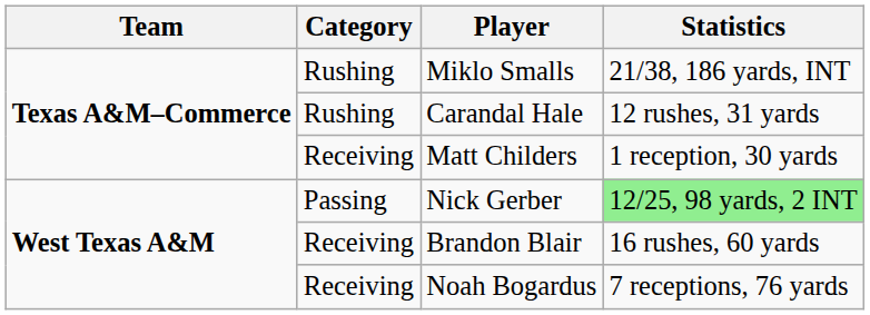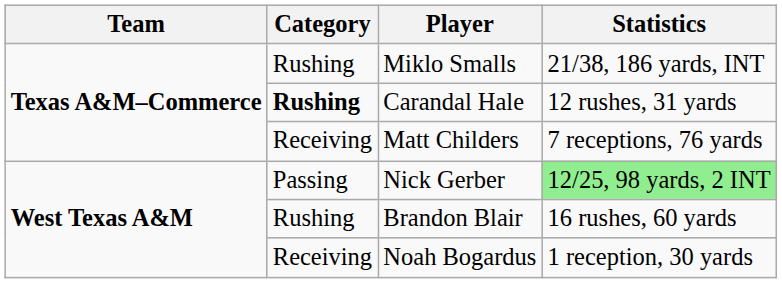 <table class="wikitable" style="float: right;">
 <tr>
 <th>Team</th>
 <th>Category</th>
 <th>Player</th>
 <th>Statistics</th>
 </tr>
 <tr>
 <td rowspan=3><strong>Texas A&M–Commerce</strong></td>
 <td>Rushing</td>
 <td>Miklo Smalls</td>
 <td>21/38, 186 yards, INT</td>
 </tr>
 <tr>
-<td>Rushing</td>
+<td><strong>Rushing</strong></td>
 <td>Carandal Hale</td>
 <td>12 rushes, 31 yards</td>
 </tr>
 <tr>
 <td>Receiving</td>
 <td>Matt Childers</td>
-<td>1 reception, 30 yards</td>
+<td>7 receptions, 76 yards</td>
 </tr>
 <tr>
 <td rowspan=3><strong>West Texas A&M</strong></td>
 <td>Passing</td>
 <td>Nick Gerber</td>
 <td style="background: lightgreen;">12/25, 98 yards, 2 INT</td>
 </tr>
 <tr>
-<td>Receiving</td>
+<td>Rushing</td>
 <td>Brandon Blair</td>
 <td>16 rushes, 60 yards</td>
 </tr>
 <tr>
 <td>Receiving</td>
 <td>Noah Bogardus</td>
-<td>7 receptions, 76 yards</td>
+<td>1 reception, 30 yards</td>
 </tr>
 </table>
